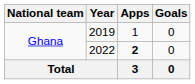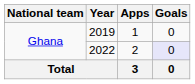 <table class="wikitable" style="text-align:center">
 <tr>
 <th>National team</th>
 <th>Year</th>
 <th>Apps</th>
 <th>Goals</th>
 </tr>
 <tr>
 <td rowspan="2"><a href='#'>Ghana</a></td>
 <td>2019</td>
 <td>1</td>
 <td>0</td>
 </tr>
 <tr>
 <td>2022</td>
-<td><strong>2</strong></td>
-<td>0</td>
+<td>2</td>
+<td style="background: lavender;">0</td>
 </tr>
 <tr>
 <th colspan="2">Total</th>
 <th>3</th>
 <th>0</th>
 </tr>
 </table>
